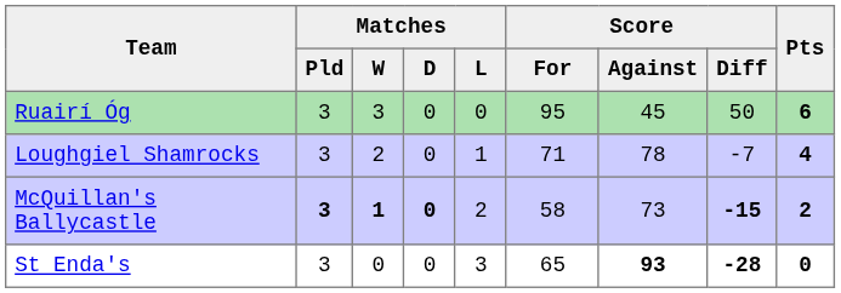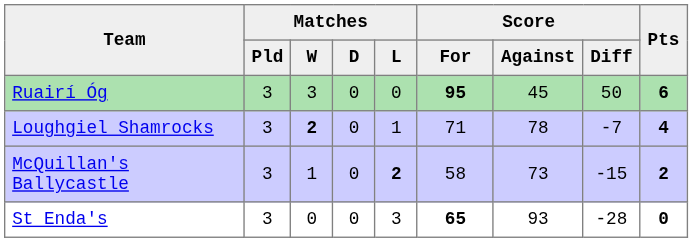 <table style=border-collapse:collapse border=1 cellspacing=0 cellpadding=5>
 <tr align=center bgcolor=#efefef>
 <th rowspan=2 width=165>Team</th>
 <th colspan=4>Matches</th>
 <th colspan=3>Score</th>
 <th rowspan=2width=20>Pts</th>
 </tr>
 <tr align=center bgcolor=#efefef>
 <th width=20>Pld</th>
 <th width=20>W</th>
 <th width=20>D</th>
 <th width=20>L</th>
 <th width=45>For</th>
 <th width=45>Against</th>
 <th width=30>Diff</th>
 </tr>
 <tr align=center style="background:#ACE1AF;">
 <td style="text-align:left;"><a href='#'>Ruairí Óg</a></td>
 <td>3</td>
 <td>3</td>
 <td>0</td>
 <td>0</td>
-<td>95</td>
+<td><strong>95</strong></td>
 <td>45</td>
 <td>50</td>
 <td><strong>6</strong></td>
 </tr>
 <tr align=center  style="background:#ccccff;">
 <td style="text-align:left;"><a href='#'>Loughgiel Shamrocks</a></td>
 <td>3</td>
-<td>2</td>
+<td><strong>2</strong></td>
 <td>0</td>
 <td>1</td>
 <td>71</td>
 <td>78</td>
 <td>-7</td>
 <td><strong>4</strong></td>
 </tr>
 <tr align=center  style="background:#ccccff;">
 <td style="text-align:left;"><a href='#'>McQuillan's Ballycastle</a></td>
-<td><strong>3</strong></td>
-<td><strong>1</strong></td>
-<td><strong>0</strong></td>
-<td>2</td>
+<td>3</td>
+<td>1</td>
+<td>0</td>
+<td><strong>2</strong></td>
 <td>58</td>
 <td>73</td>
-<td><strong>-15</strong></td>
+<td>-15</td>
 <td><strong>2</strong></td>
 </tr>
 <tr align=center>
 <td style="text-align:left;"><a href='#'>St Enda's</a></td>
 <td>3</td>
 <td>0</td>
 <td>0</td>
 <td>3</td>
-<td>65</td>
-<td><strong>93</strong></td>
-<td><strong>-28</strong></td>
+<td><strong>65</strong></td>
+<td>93</td>
+<td>-28</td>
 <td><strong>0</strong></td>
 </tr>
 </table>
